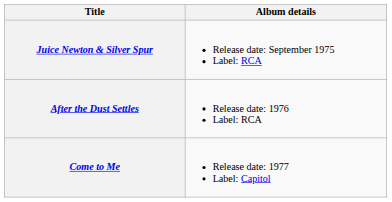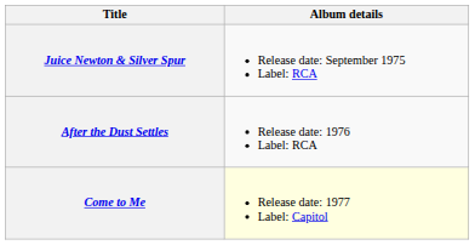 <table class="wikitable plainrowheaders">
 <tr>
 <th style="width:18em;">Title</th>
 <th style="width:20em;">Album details</th>
 </tr>
 <tr>
 <th scope="row"><em><a href='#'>Juice Newton & Silver Spur</a></em></th>
 <td><br><ul><li>Release date: September 1975</li><li>Label: <a href='#'>RCA</a></li></ul></td>
 </tr>
 <tr>
 <th scope="row"><em><a href='#'>After the Dust Settles</a></em></th>
 <td><br><ul><li>Release date: 1976</li><li>Label: RCA</li></ul></td>
 </tr>
 <tr>
 <th scope="row"><em><a href='#'>Come to Me</a></em></th>
-<td><br><ul><li>Release date: 1977</li><li>Label: <a href='#'>Capitol</a></li></ul></td>
+<td style="background: lightyellow;"><br><ul><li>Release date: 1977</li><li>Label: <a href='#'>Capitol</a></li></ul></td>
 </tr>
 </table>
